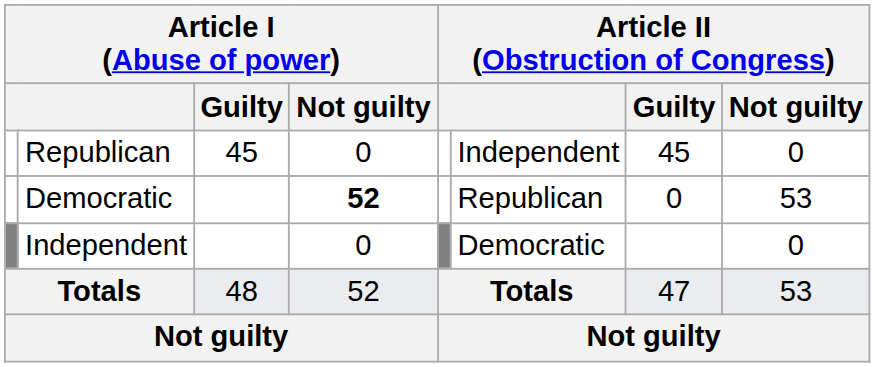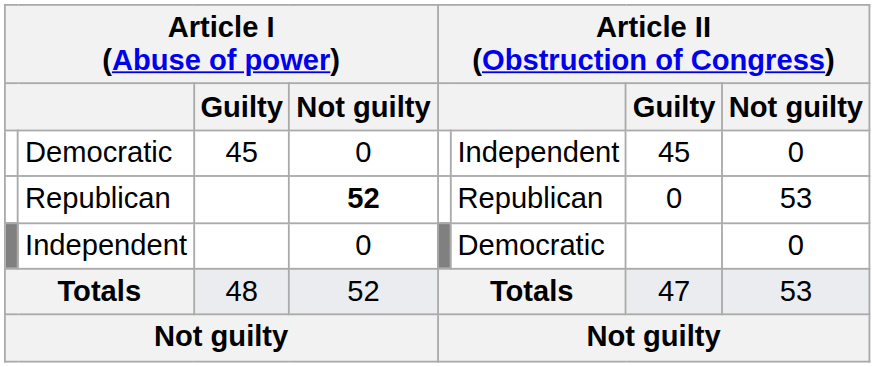 <table class="wikitable" style="text-align:center;background:white;">
 <tr>
 <th scope="col" colspan="4">Article I<br>(<a href='#'>Abuse of power</a>)</th>
 <th scope="col" colspan="4">Article II<br>(<a href='#'>Obstruction of Congress</a>)</th>
 </tr>
 <tr>
 <th scope="col" colspan="2"></th>
 <th scope="col">Guilty</th>
 <th scope="col">Not guilty</th>
 <th scope="col" colspan="2"></th>
 <th scope="col">Guilty</th>
 <th scope="col">Not guilty</th>
 </tr>
 <tr>
 <td style="background-color:"></td>
-<td style="text-align:left;">Republican</td>
+<td style="text-align:left;">Democratic</td>
 <td>45</td>
 <td>0</td>
 <td style="background-color:"></td>
 <td style="text-align:left;">Independent</td>
 <td>45</td>
 <td>0</td>
 </tr>
 <tr>
 <td style="background-color:"></td>
-<td style="text-align:left;">Democratic</td>
+<td style="text-align:left;">Republican</td>
 <td></td>
 <td><strong>52</strong></td>
 <td style="background-color:"></td>
 <td style="text-align:left;">Republican</td>
 <td>0</td>
 <td>53</td>
 </tr>
 <tr>
 <td style="background:gray;"></td>
 <td style="text-align:left;">Independent</td>
 <td></td>
 <td>0</td>
 <td style="background:gray;"></td>
 <td style="text-align:left;">Democratic</td>
 <td></td>
 <td>0</td>
 </tr>
 <tr style="background:#EAECF0;">
 <th scope="row" colspan="2">Totals</th>
 <td>48</td>
 <td>52</td>
 <th scope="row" colspan="2">Totals</th>
 <td>47</td>
 <td>53</td>
 </tr>
 <tr>
 <th colspan="4">Not guilty</th>
 <th colspan="4">Not guilty</th>
 </tr>
 </table>
